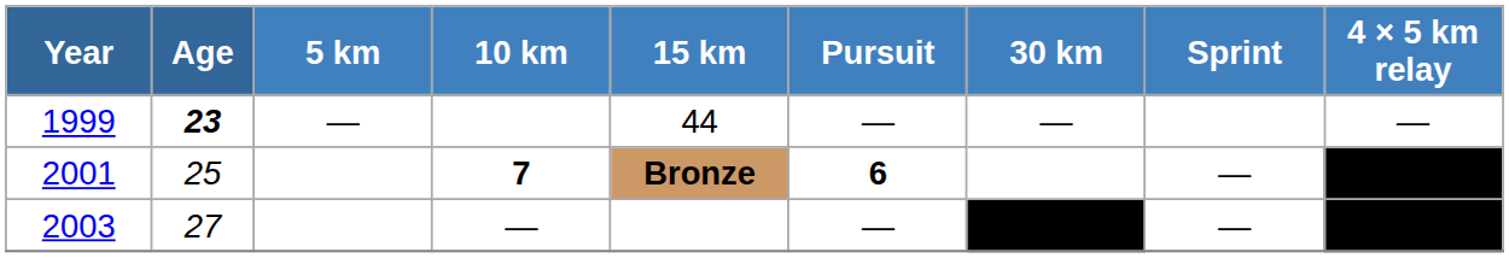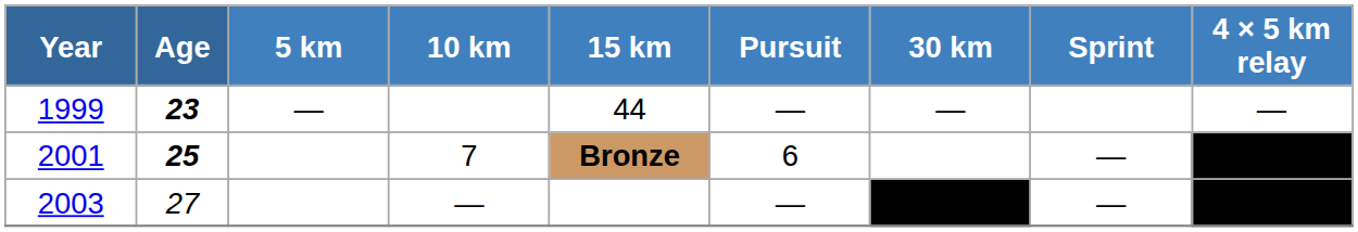 <table class="wikitable" style="font-size:95%; text-align:center; border:grey solid 1px; border-collapse:collapse; background:#ffffff;">
 <tr>
 <th style="background-color:#369; color:white; width:60px;"> Year </th>
 <th style="background-color:#369; color:white; width:40px;"> Age </th>
 <th style="background-color:#4180be; color:white; width:75px;"> 5 km </th>
 <th style="background-color:#4180be; color:white; width:75px;"> 10 km </th>
 <th style="background-color:#4180be; color:white; width:75px;"> 15 km </th>
 <th style="background-color:#4180be; color:white; width:75px;"> Pursuit </th>
 <th style="background-color:#4180be; color:white; width:75px;"> 30 km </th>
 <th style="background-color:#4180be; color:white; width:75px;"> Sprint </th>
 <th style="background-color:#4180be; color:white; width:75px;"> 4 × 5 km <br> relay </th>
 </tr>
 <tr>
 <td><a href='#'>1999</a></td>
 <td><strong><em>23</em></strong></td>
 <td>—</td>
 <td></td>
 <td>44</td>
 <td>—</td>
 <td>—</td>
 <td></td>
 <td>—</td>
 </tr>
 <tr>
 <td><a href='#'>2001</a></td>
-<td><em>25</em></td>
+<td><strong><em>25</em></strong></td>
 <td></td>
-<td><strong>7</strong></td>
+<td>7</td>
 <td bgcolor="cc9966"><strong>Bronze</strong></td>
-<td><strong>6</strong></td>
+<td>6</td>
 <td></td>
 <td>—</td>
 <td style="background:#000000; color:white"></td>
 </tr>
 <tr>
 <td><a href='#'>2003</a></td>
 <td><em>27</em></td>
 <td></td>
 <td>—</td>
 <td></td>
 <td>—</td>
 <td style="background:#000000; color:white"></td>
 <td>—</td>
 <td style="background:#000000; color:white"></td>
 </tr>
 <tr>
 </tr>
 </table>
